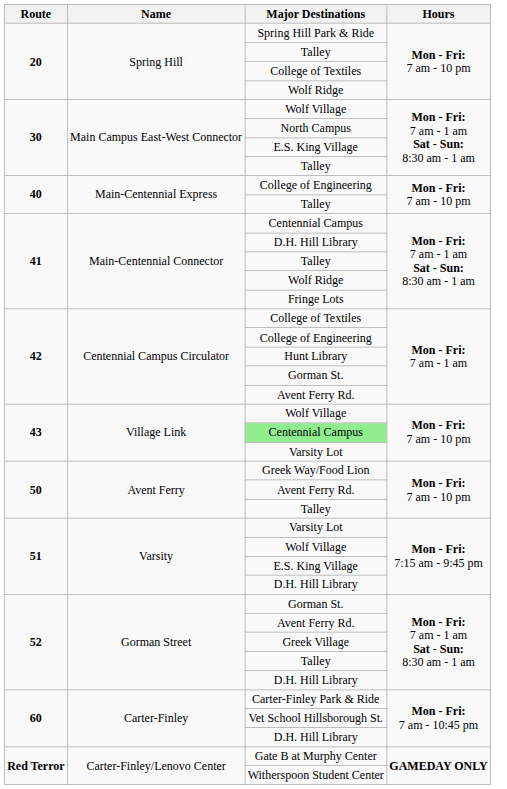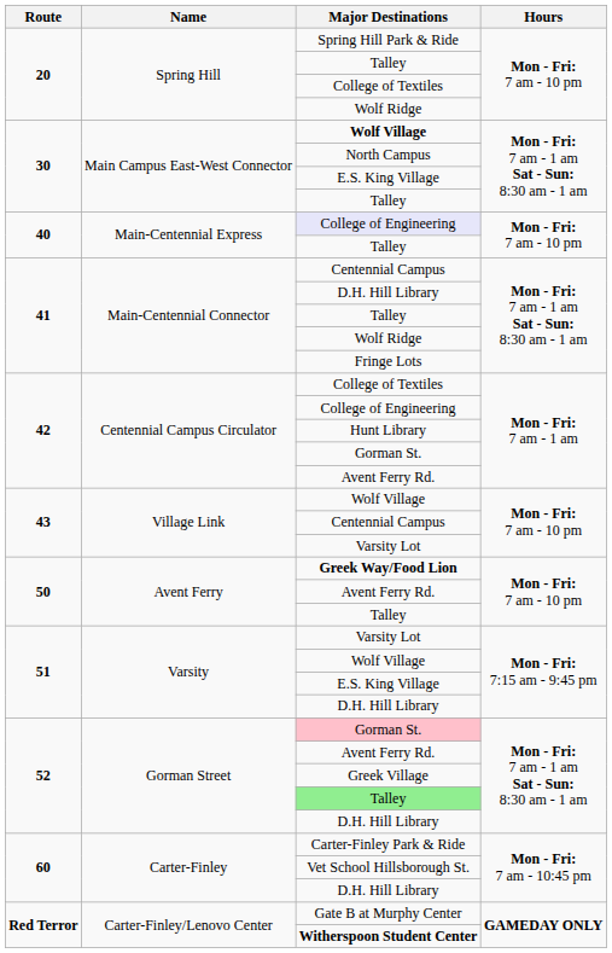 <table class="wikitable">
 <tr>
 <th>Route</th>
 <th>Name</th>
 <th>Major Destinations</th>
 <th>Hours</th>
 </tr>
 <tr>
 <td rowspan="4" align="center"><strong>20</strong></td>
 <td rowspan="4" align="center">Spring Hill</td>
 <td align="center">Spring Hill Park & Ride</td>
 <td rowspan="4" align="center"><strong>Mon - Fri:</strong><br>7 am - 10 pm</td>
 </tr>
 <tr>
 <td align="center">Talley</td>
 </tr>
 <tr>
 <td align="center">College of Textiles</td>
 </tr>
 <tr>
 <td align="center">Wolf Ridge</td>
 </tr>
 <tr>
 <td rowspan="4" align="center"><strong>30</strong></td>
 <td rowspan="4" align="center">Main Campus East-West Connector</td>
-<td align="center">Wolf Village</td>
+<td align="center"><strong>Wolf Village</strong></td>
 <td rowspan="4" align="center"><strong>Mon - Fri:</strong><br>7 am - 1 am<br><strong>Sat - Sun:</strong><br>8:30 am - 1 am</td>
 </tr>
 <tr>
 <td align="center">North Campus</td>
 </tr>
 <tr>
 <td align="center">E.S. King Village</td>
 </tr>
 <tr>
 <td align="center">Talley</td>
 </tr>
 <tr>
 <td rowspan="2" align="center"><strong>40</strong></td>
 <td rowspan="2" align="center">Main-Centennial Express</td>
-<td align="center">College of Engineering</td>
+<td align="center" style="background: lavender;">College of Engineering</td>
 <td rowspan="2" align="center"><strong>Mon - Fri:</strong><br>7 am - 10 pm</td>
 </tr>
 <tr>
 <td align="center">Talley</td>
 </tr>
 <tr>
 <td rowspan="5" align="center"><strong>41</strong></td>
 <td rowspan="5" align="center">Main-Centennial Connector</td>
 <td align="center">Centennial Campus</td>
 <td rowspan="5" align="center"><strong>Mon - Fri:</strong><br>7 am - 1 am<br><strong>Sat - Sun:</strong><br>8:30 am - 1 am</td>
 </tr>
 <tr>
 <td align="center">D.H. Hill Library</td>
 </tr>
 <tr>
 <td align="center">Talley</td>
 </tr>
 <tr>
 <td align="center">Wolf Ridge</td>
 </tr>
 <tr>
 <td align="center">Fringe Lots</td>
 </tr>
 <tr>
 <td rowspan="5" align="center"><strong>42</strong></td>
 <td rowspan="5" align="center">Centennial Campus Circulator</td>
 <td align="center">College of Textiles</td>
 <td rowspan="5" align="center"><strong>Mon - Fri:</strong><br>7 am - 1 am</td>
 </tr>
 <tr>
 <td align="center">College of Engineering</td>
 </tr>
 <tr>
 <td align="center">Hunt Library</td>
 </tr>
 <tr>
 <td align="center">Gorman St.</td>
 </tr>
 <tr>
 <td align="center">Avent Ferry Rd.</td>
 </tr>
 <tr>
 <td rowspan="3" align="center"><strong>43</strong></td>
 <td rowspan="3" align="center">Village Link</td>
 <td align="center">Wolf Village</td>
 <td rowspan="3" align="center"><strong>Mon - Fri:</strong><br>7 am - 10 pm</td>
 </tr>
 <tr>
-<td align="center" style="background: lightgreen;">Centennial Campus</td>
+<td align="center">Centennial Campus</td>
 </tr>
 <tr>
 <td align="center">Varsity Lot</td>
 </tr>
 <tr>
 <td rowspan="3" align="center"><strong>50</strong></td>
 <td rowspan="3" align="center">Avent Ferry</td>
-<td align="center">Greek Way/Food Lion</td>
+<td align="center"><strong>Greek Way/Food Lion</strong></td>
 <td rowspan="3" align="center"><strong>Mon - Fri:</strong><br>7 am - 10 pm</td>
 </tr>
 <tr>
 <td align="center">Avent Ferry Rd.</td>
 </tr>
 <tr>
 <td align="center">Talley</td>
 </tr>
 <tr>
 <td rowspan="4" align="center"><strong>51</strong></td>
 <td rowspan="4" align="center">Varsity</td>
 <td align="center">Varsity Lot</td>
 <td rowspan="4" align="center"><strong>Mon - Fri:</strong><br>7:15 am - 9:45 pm</td>
 </tr>
 <tr>
 <td align="center">Wolf Village</td>
 </tr>
 <tr>
 <td align="center">E.S. King Village</td>
 </tr>
 <tr>
 <td align="center">D.H. Hill Library</td>
 </tr>
 <tr>
 <td rowspan="5" align="center"><strong>52</strong></td>
 <td rowspan="5" align="center">Gorman Street</td>
-<td align="center">Gorman St.</td>
+<td align="center" style="background: pink;">Gorman St.</td>
 <td rowspan="5" align="center"><strong>Mon - Fri:</strong><br>7 am - 1 am<br><strong>Sat - Sun:</strong><br>8:30 am - 1 am</td>
 </tr>
 <tr>
 <td align="center">Avent Ferry Rd.</td>
 </tr>
 <tr>
 <td align="center">Greek Village</td>
 </tr>
 <tr>
-<td align="center">Talley</td>
+<td align="center" style="background: lightgreen;">Talley</td>
 </tr>
 <tr>
 <td align="center">D.H. Hill Library</td>
 </tr>
 <tr>
 <td rowspan="3" align="center"><strong>60</strong></td>
 <td rowspan="3" align="center">Carter-Finley</td>
 <td align="center">Carter-Finley Park & Ride</td>
 <td rowspan="3" align="center"><strong>Mon - Fri:</strong><br>7 am - 10:45 pm</td>
 </tr>
 <tr>
 <td align="center">Vet School Hillsborough St.</td>
 </tr>
 <tr>
 <td align="center">D.H. Hill Library</td>
 </tr>
 <tr>
 <td rowspan="2" align="center"><strong>Red Terror</strong></td>
 <td rowspan="2" align="center">Carter-Finley/Lenovo Center</td>
 <td align="center">Gate B at Murphy Center</td>
 <td rowspan="3" align="center"><strong>GAMEDAY ONLY</strong></td>
 </tr>
 <tr>
-<td align="center">Witherspoon Student Center</td>
+<td align="center"><strong>Witherspoon Student Center</strong></td>
 </tr>
 </table>
